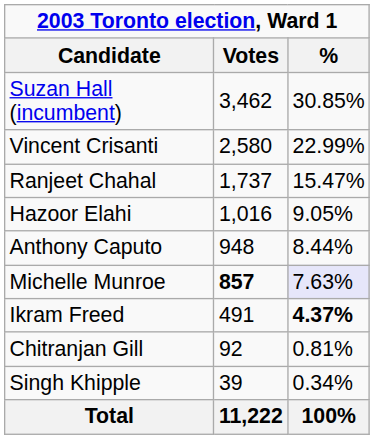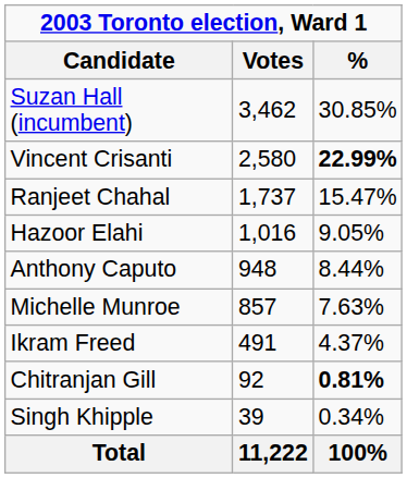 <table class="wikitable">
 <tr>
 <td Colspan="3" align="center"><strong><a href='#'>2003 Toronto election</a>, Ward 1</strong></td>
 </tr>
 <tr>
 <th bgcolor="#DDDDFF" width="150px">Candidate</th>
 <th bgcolor="#DDDDFF">Votes</th>
 <th bgcolor="#DDDDFF">%</th>
 </tr>
 <tr>
 <td><a href='#'>Suzan Hall</a> (<a href='#'>incumbent</a>)</td>
 <td>3,462</td>
 <td>30.85%</td>
 </tr>
 <tr>
 <td>Vincent Crisanti</td>
 <td>2,580</td>
-<td>22.99%</td>
+<td><strong>22.99%</strong></td>
 </tr>
 <tr>
 <td>Ranjeet Chahal</td>
 <td>1,737</td>
 <td>15.47%</td>
 </tr>
 <tr>
 <td>Hazoor Elahi</td>
 <td>1,016</td>
 <td>9.05%</td>
 </tr>
 <tr>
 <td>Anthony Caputo</td>
 <td>948</td>
 <td>8.44%</td>
 </tr>
 <tr>
 <td>Michelle Munroe</td>
-<td><strong>857</strong></td>
-<td style="background: lavender;">7.63%</td>
+<td>857</td>
+<td>7.63%</td>
 </tr>
 <tr>
 <td>Ikram Freed</td>
 <td>491</td>
-<td><strong>4.37%</strong></td>
+<td>4.37%</td>
 </tr>
 <tr>
 <td>Chitranjan Gill</td>
 <td>92</td>
-<td>0.81%</td>
+<td><strong>0.81%</strong></td>
 </tr>
 <tr>
 <td>Singh Khipple</td>
 <td>39</td>
 <td>0.34%</td>
 </tr>
 <tr>
 <th>Total</th>
 <th align=right>11,222</th>
 <th align=right>100%</th>
 </tr>
 </table>
